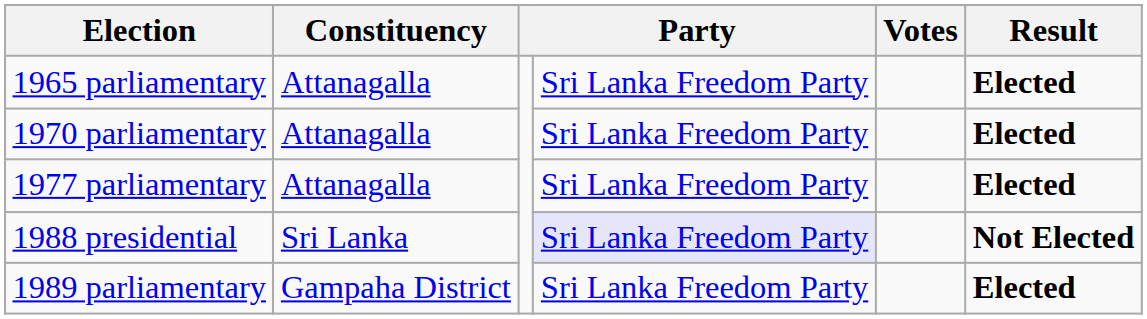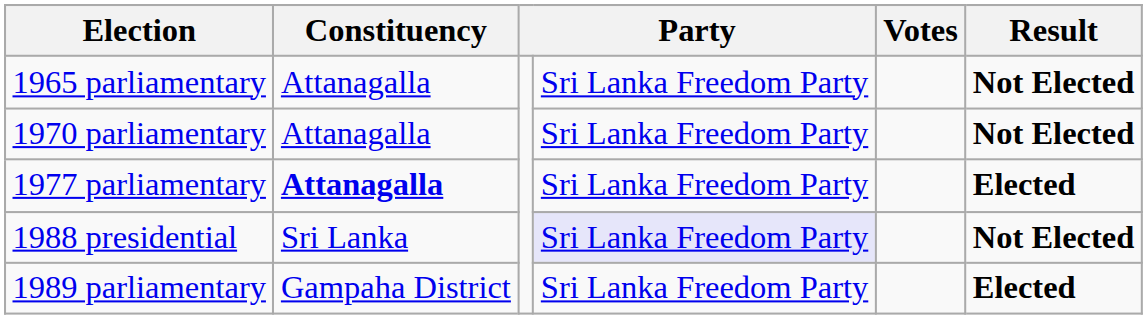 <table class="wikitable" style="text-align:left;">
 <tr>
 <th scope=col>Election</th>
 <th scope=col>Constituency</th>
 <th scope=col colspan="2">Party</th>
 <th scope=col>Votes</th>
 <th scope=col>Result</th>
 </tr>
 <tr>
 <td><a href='#'>1965 parliamentary</a></td>
 <td><a href='#'>Attanagalla</a></td>
 <td rowspan="5" style="background:"></td>
 <td><a href='#'>Sri Lanka Freedom Party</a></td>
 <td align=right></td>
-<td><strong>Elected</strong></td>
+<td><strong>Not Elected</strong></td>
 </tr>
 <tr>
 <td><a href='#'>1970 parliamentary</a></td>
 <td><a href='#'>Attanagalla</a></td>
 <td><a href='#'>Sri Lanka Freedom Party</a></td>
 <td align=right></td>
-<td><strong>Elected</strong></td>
+<td><strong>Not Elected</strong></td>
 </tr>
 <tr>
 <td><a href='#'>1977 parliamentary</a></td>
-<td><a href='#'>Attanagalla</a></td>
+<td><strong><a href='#'>Attanagalla</a></strong></td>
 <td><a href='#'>Sri Lanka Freedom Party</a></td>
 <td align=right></td>
 <td><strong>Elected</strong></td>
 </tr>
 <tr>
 <td><a href='#'>1988 presidential</a></td>
 <td><a href='#'>Sri Lanka</a></td>
 <td style="background: lavender;"><a href='#'>Sri Lanka Freedom Party</a></td>
 <td align=right></td>
 <td><strong>Not Elected</strong></td>
 </tr>
 <tr>
 <td><a href='#'>1989 parliamentary</a></td>
 <td><a href='#'>Gampaha District</a></td>
 <td><a href='#'>Sri Lanka Freedom Party</a></td>
 <td align=right></td>
 <td><strong>Elected</strong></td>
 </tr>
 </table>
